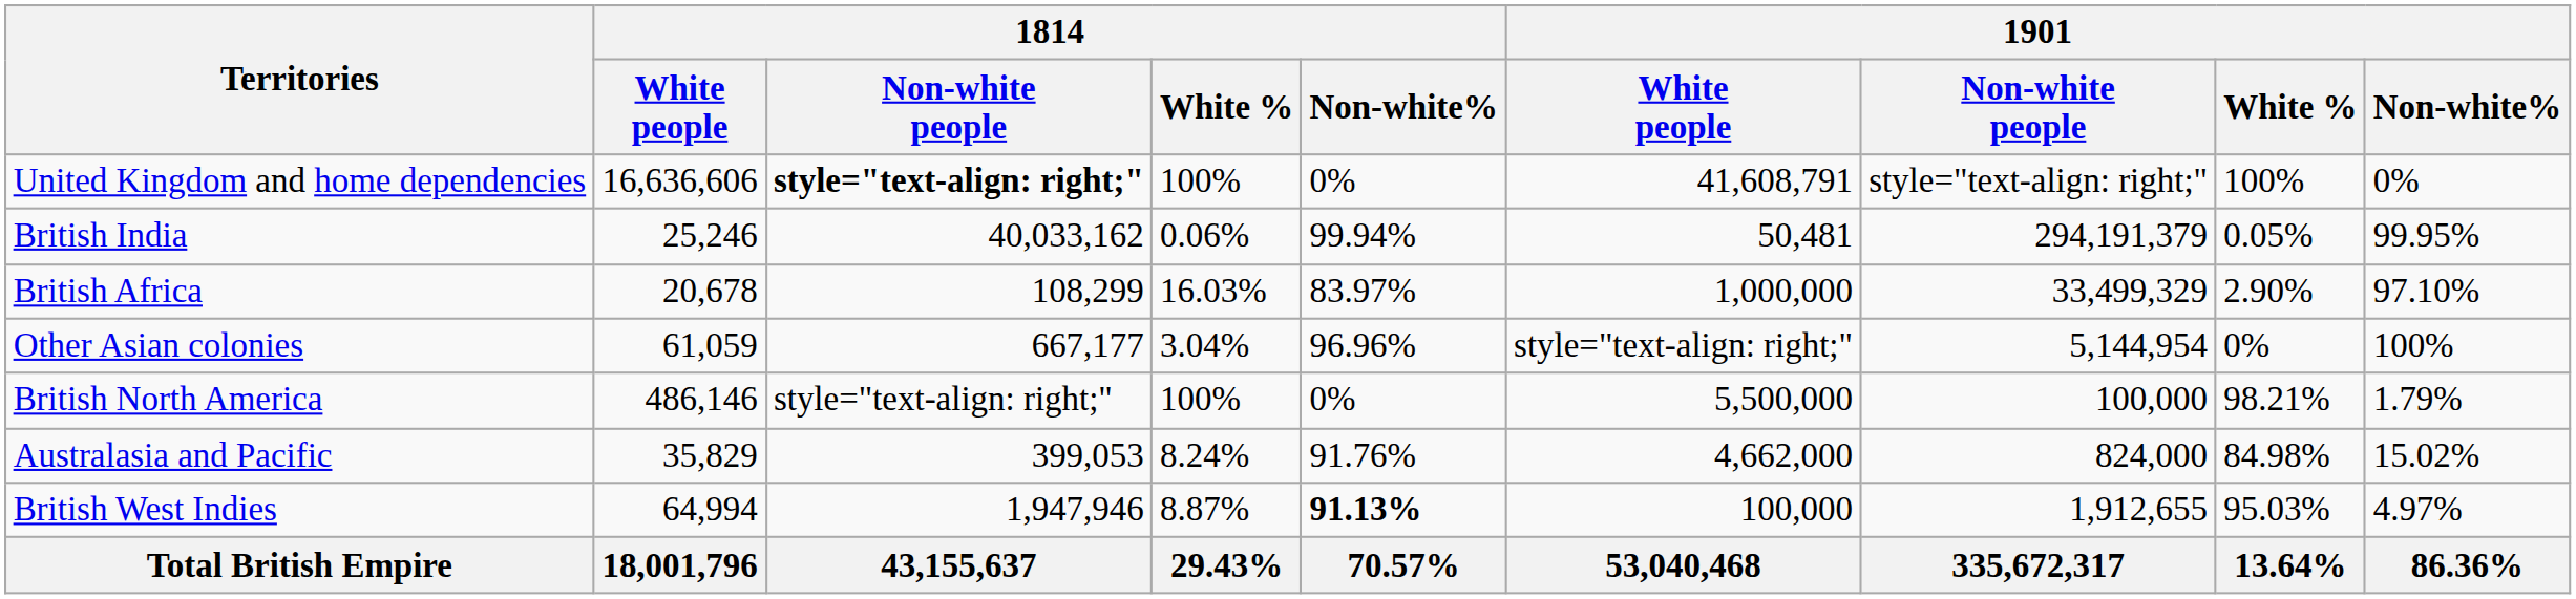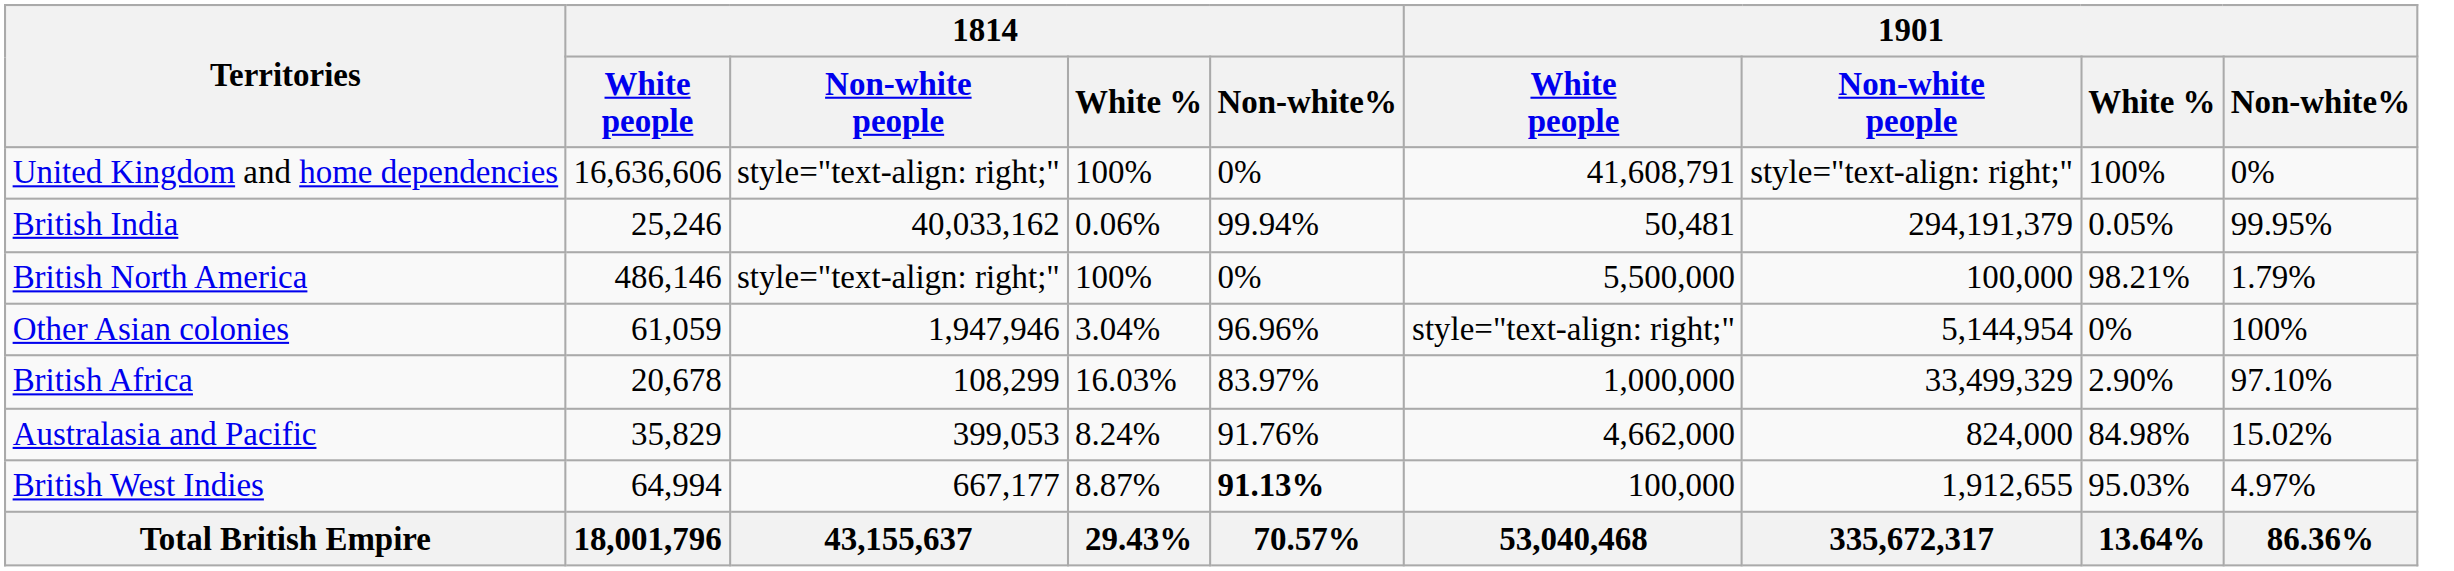 <table class="wikitable sortable">
 <tr>
 <th rowspan="2">Territories</th>
 <th colspan="4">1814</th>
 <th colspan="4">1901</th>
 </tr>
 <tr>
 <th><a href='#'>White</a><br><a href='#'>people</a></th>
 <th><a href='#'>Non-white</a><br><a href='#'>people</a></th>
 <th>White %</th>
 <th>Non-white%</th>
 <th><a href='#'>White</a><br><a href='#'>people</a></th>
 <th><a href='#'>Non-white</a><br><a href='#'>people</a></th>
 <th>White %</th>
 <th>Non-white%</th>
 </tr>
 <tr>
 <td><a href='#'>United Kingdom</a> and <a href='#'>home dependencies</a></td>
 <td style="text-align: right;">16,636,606</td>
-<td><strong>style="text-align: right;" </strong></td>
+<td>style="text-align: right;" </td>
 <td>100%</td>
 <td>0%</td>
 <td style="text-align: right;">41,608,791</td>
 <td>style="text-align: right;" </td>
 <td>100%</td>
 <td>0%</td>
 </tr>
 <tr>
 <td><a href='#'>British India</a></td>
 <td style="text-align: right;">25,246</td>
 <td style="text-align: right;">40,033,162</td>
 <td>0.06%</td>
 <td>99.94%</td>
 <td style="text-align: right;">50,481</td>
 <td style="text-align: right;">294,191,379</td>
 <td>0.05%</td>
 <td>99.95%</td>
 </tr>
 <tr>
+<td><a href='#'>British North America</a></td>
+<td style="text-align: right;">486,146</td>
+<td>style="text-align: right;" </td>
+<td>100%</td>
+<td>0%</td>
+<td style="text-align: right;">5,500,000</td>
+<td style="text-align: right;">100,000</td>
+<td>98.21%</td>
+<td>1.79%</td>
+</tr>
+<tr>
+<td><a href='#'>Other Asian colonies</a></td>
+<td style="text-align: right;">61,059</td>
+<td style="text-align: right;">1,947,946</td>
+<td>3.04%</td>
+<td>96.96%</td>
+<td>style="text-align: right;" </td>
+<td style="text-align: right;">5,144,954</td>
+<td>0%</td>
+<td>100%</td>
+</tr>
+<tr>
 <td><a href='#'>British Africa</a></td>
 <td style="text-align: right;">20,678</td>
 <td style="text-align: right;">108,299</td>
 <td>16.03%</td>
 <td>83.97%</td>
 <td style="text-align: right;">1,000,000</td>
 <td style="text-align: right;">33,499,329</td>
 <td>2.90%</td>
 <td>97.10%</td>
-</tr>
-<tr>
-<td><a href='#'>Other Asian colonies</a></td>
-<td style="text-align: right;">61,059</td>
-<td style="text-align: right;">667,177</td>
-<td>3.04%</td>
-<td>96.96%</td>
-<td>style="text-align: right;" </td>
-<td style="text-align: right;">5,144,954</td>
-<td>0%</td>
-<td>100%</td>
-</tr>
-<tr>
-<td><a href='#'>British North America</a></td>
-<td style="text-align: right;">486,146</td>
-<td>style="text-align: right;" </td>
-<td>100%</td>
-<td>0%</td>
-<td style="text-align: right;">5,500,000</td>
-<td style="text-align: right;">100,000</td>
-<td>98.21%</td>
-<td>1.79%</td>
 </tr>
 <tr>
 <td><a href='#'>Australasia and Pacific</a></td>
 <td style="text-align: right;">35,829</td>
 <td style="text-align: right;">399,053</td>
 <td>8.24%</td>
 <td>91.76%</td>
 <td style="text-align: right;">4,662,000</td>
 <td style="text-align: right;">824,000</td>
 <td>84.98%</td>
 <td>15.02%</td>
 </tr>
 <tr>
 <td><a href='#'>British West Indies</a></td>
 <td style="text-align: right;">64,994</td>
-<td style="text-align: right;">1,947,946</td>
+<td style="text-align: right;">667,177</td>
 <td>8.87%</td>
 <td><strong>91.13%</strong></td>
 <td style="text-align: right;">100,000</td>
 <td style="text-align: right;">1,912,655</td>
 <td>95.03%</td>
 <td>4.97%</td>
 </tr>
 <tr>
 <th>Total British Empire</th>
 <th>18,001,796</th>
 <th>43,155,637</th>
 <th>29.43%</th>
 <th>70.57%</th>
 <th>53,040,468</th>
 <th>335,672,317</th>
 <th>13.64%</th>
 <th>86.36%</th>
 </tr>
 </table>
